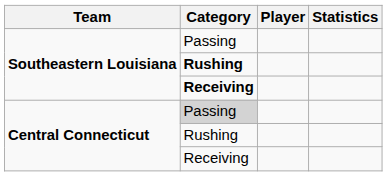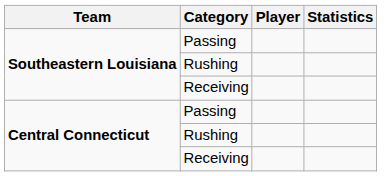 <table class="wikitable" style="float: left;">
 <tr>
 <th>Team</th>
 <th>Category</th>
 <th>Player</th>
 <th>Statistics</th>
 </tr>
 <tr>
 <td rowspan=3><strong>Southeastern Louisiana</strong></td>
 <td>Passing</td>
 <td> </td>
 <td> </td>
 </tr>
 <tr>
-<td><strong>Rushing</strong></td>
+<td>Rushing</td>
 <td> </td>
 <td> </td>
 </tr>
 <tr>
-<td><strong>Receiving</strong></td>
+<td>Receiving</td>
 <td> </td>
 <td> </td>
 </tr>
 <tr>
 <td rowspan=3><strong>Central Connecticut</strong></td>
-<td style="background: lightgrey;">Passing</td>
+<td>Passing</td>
 <td> </td>
 <td> </td>
 </tr>
 <tr>
 <td>Rushing</td>
 <td> </td>
 <td> </td>
 </tr>
 <tr>
 <td>Receiving</td>
 <td> </td>
 <td> </td>
 </tr>
 </table>
